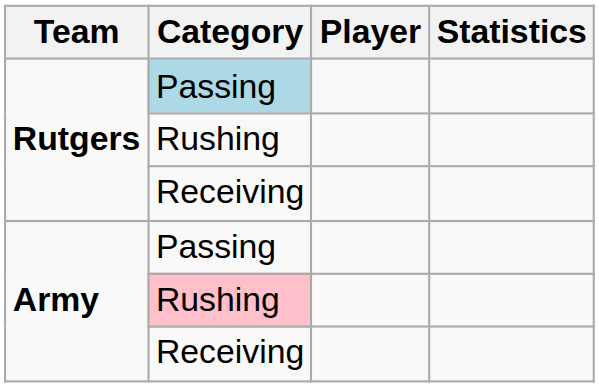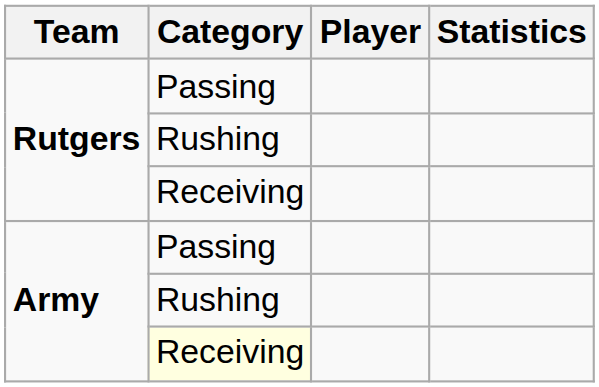 <table class="wikitable" style="float: left;">
 <tr>
 <th>Team</th>
 <th>Category</th>
 <th>Player</th>
 <th>Statistics</th>
 </tr>
 <tr>
 <td rowspan=3><strong>Rutgers</strong></td>
-<td style="background: lightblue;">Passing</td>
+<td>Passing</td>
 <td></td>
 <td></td>
 </tr>
 <tr>
 <td>Rushing</td>
 <td></td>
 <td></td>
 </tr>
 <tr>
 <td>Receiving</td>
 <td></td>
 <td></td>
 </tr>
 <tr>
 <td rowspan=3><strong>Army</strong></td>
 <td>Passing</td>
 <td></td>
 <td></td>
 </tr>
 <tr>
-<td style="background: pink;">Rushing</td>
+<td>Rushing</td>
 <td></td>
 <td></td>
 </tr>
 <tr>
-<td>Receiving</td>
+<td style="background: lightyellow;">Receiving</td>
 <td></td>
 <td></td>
 </tr>
 </table>
